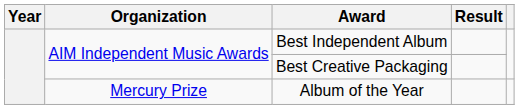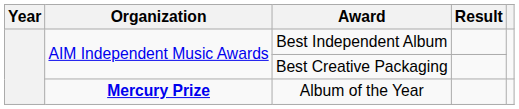 <table class="wikitable plainrowheaders sortable collapsible" style="text-align:center">
 <tr>
 <th scope="col" class="sortable">Year</th>
 <th scope="col" class="sortable">Organization</th>
 <th scope="col" class="sortable">Award</th>
 <th scope="col" class="sortable">Result</th>
 <th scope="col" class="unsortable"></th>
 </tr>
 <tr>
 <th rowspan="3" scope="row"></th>
 <td rowspan="2" scope="row"><a href='#'>AIM Independent Music Awards</a></td>
 <td>Best Independent Album</td>
 <td></td>
 <td rowspan="2" style="text-align:center;"></td>
 </tr>
 <tr>
 <td>Best Creative Packaging</td>
 <td></td>
 </tr>
 <tr>
-<td rowspan="1" scope="row"><a href='#'>Mercury Prize</a></td>
+<td rowspan="1" scope="row"><strong><a href='#'>Mercury Prize</a></strong></td>
 <td>Album of the Year</td>
 <td></td>
 <td rowspan="1" style="text-align:center;"></td>
 </tr>
 </table>
